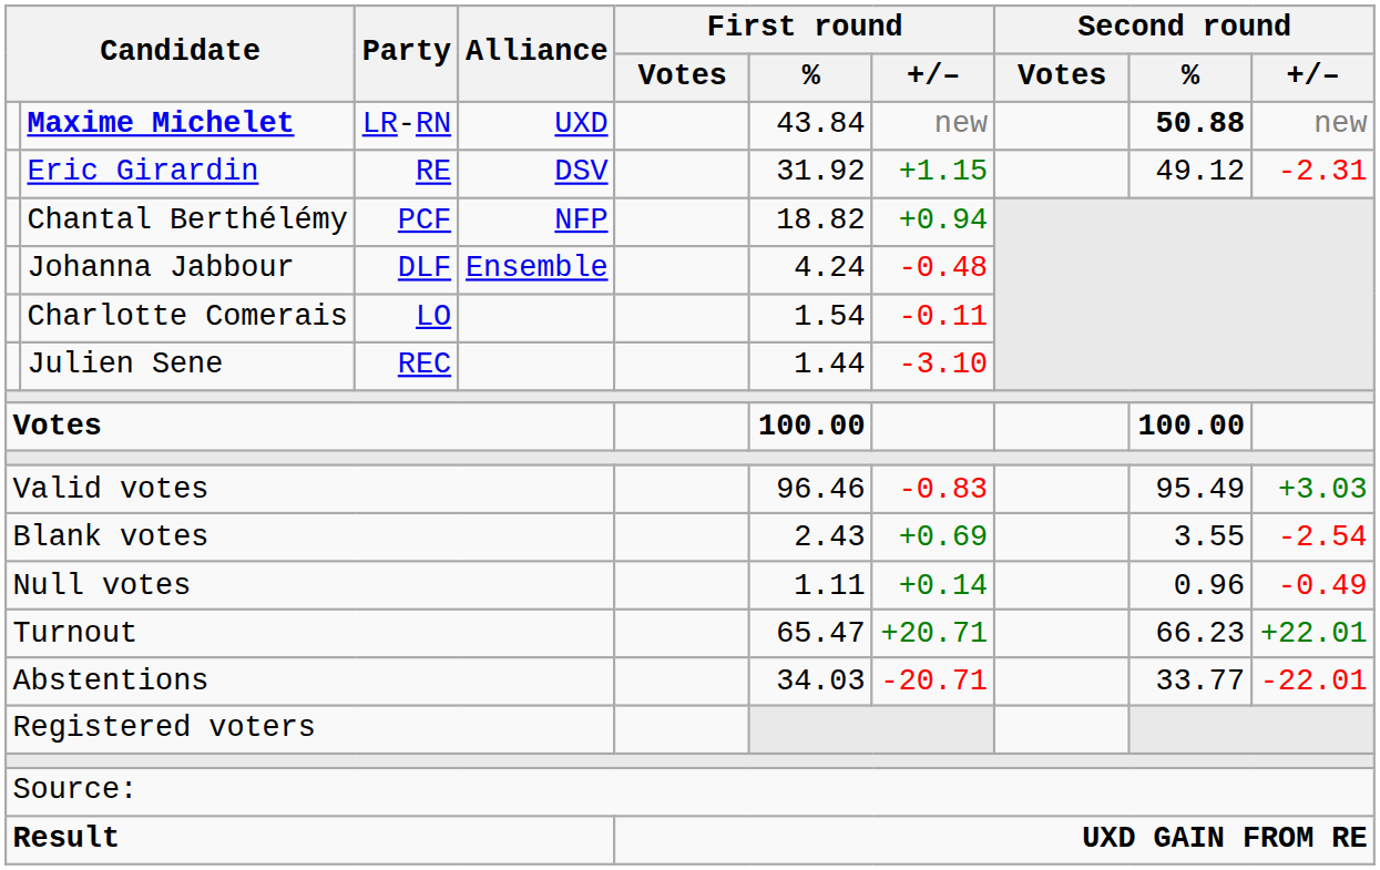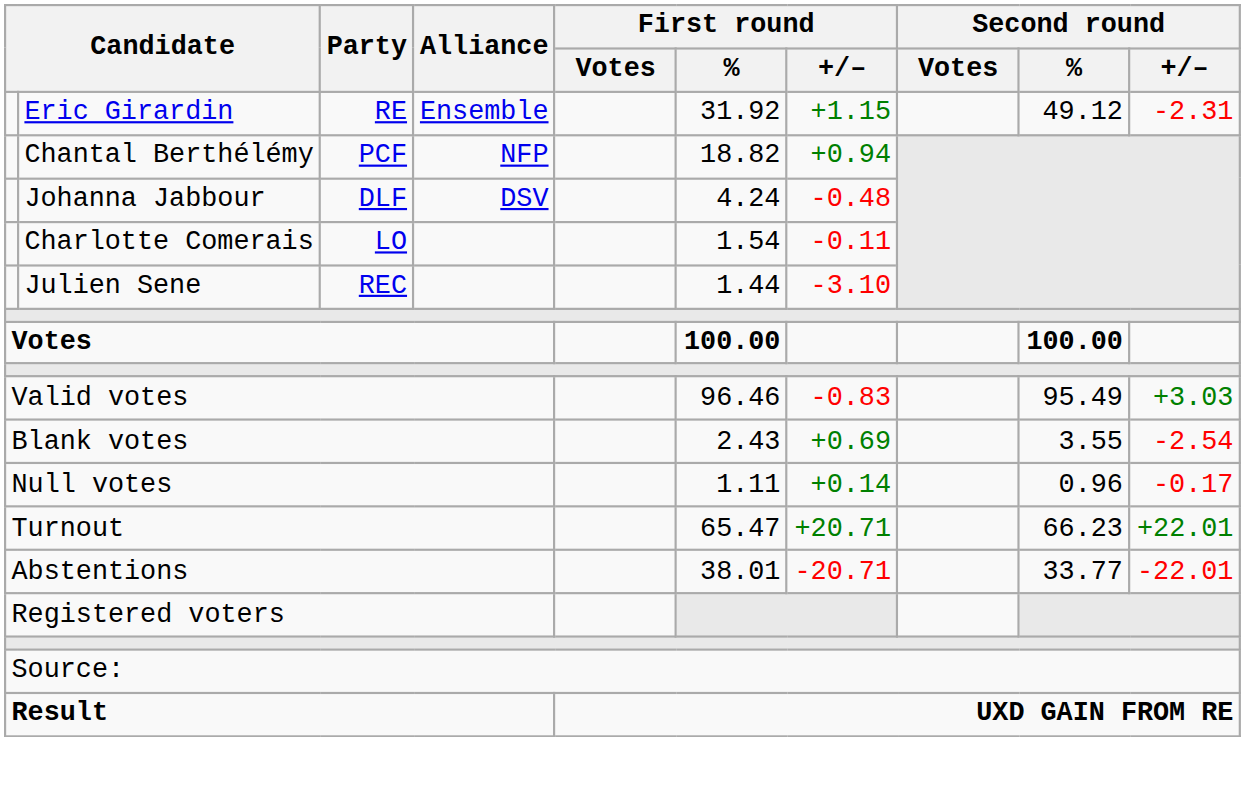 <table class="wikitable" style="text-align:right;font-size:95%;">
 <tr>
 <th rowspan="2" colspan="2">Candidate</th>
 <th colspan="1" rowspan="2">Party</th>
 <th colspan="1" rowspan="2">Alliance</th>
 <th colspan="3">First round</th>
 <th colspan="3">Second round</th>
 </tr>
 <tr>
 <th style="width:50px;">Votes</th>
 <th style="width:45px;">%</th>
 <th style="width:45px;">+/–</th>
 <th style="width:50px;">Votes</th>
 <th style="width:45px;">%</th>
 <th style="width:45px;">+/–</th>
 </tr>
 <tr>
 <td style="background:"></td>
-<td style="text-align:left;"><strong><a href='#'>Maxime Michelet</a></strong></td>
-<td><a href='#'>LR</a>-<a href='#'>RN</a></td>
-<td><a href='#'>UXD</a></td>
-<td></td>
-<td>43.84</td>
-<td style="color:grey;">new</td>
-<td><strong></strong></td>
-<td><strong>50.88</strong></td>
-<td style="color:grey;">new</td>
-</tr>
-<tr>
-<td style="background:"></td>
 <td style="text-align:left;"><a href='#'>Eric Girardin</a></td>
 <td><a href='#'>RE</a></td>
-<td><a href='#'>DSV</a></td>
+<td><a href='#'>Ensemble</a></td>
 <td></td>
 <td>31.92</td>
 <td style="color:green;">+1.15</td>
 <td></td>
 <td>49.12</td>
 <td style="color:red;">-2.31</td>
 </tr>
 <tr>
 <td style="background:"></td>
 <td style="text-align:left;">Chantal Berthélémy</td>
 <td><a href='#'>PCF</a></td>
 <td><a href='#'>NFP</a></td>
 <td></td>
 <td>18.82</td>
 <td style="color:green;">+0.94</td>
 <td colspan="3" rowspan="4" style="background:#E9E9E9;"></td>
 </tr>
 <tr>
 <td style="background:"></td>
 <td style="text-align:left;">Johanna Jabbour</td>
 <td><a href='#'>DLF</a></td>
-<td><a href='#'>Ensemble</a></td>
+<td><a href='#'>DSV</a></td>
 <td></td>
 <td>4.24</td>
 <td style="color:red;">-0.48</td>
 </tr>
 <tr>
 <td style="background:"></td>
 <td style="text-align:left;">Charlotte Comerais</td>
 <td><a href='#'>LO</a></td>
 <td></td>
 <td></td>
 <td>1.54</td>
 <td style="color:red;">-0.11</td>
 </tr>
 <tr>
 <td style="background:"></td>
 <td style="text-align:left;">Julien Sene</td>
 <td><a href='#'>REC</a></td>
 <td></td>
 <td></td>
 <td>1.44</td>
 <td style="color:red;">-3.10</td>
 </tr>
 <tr>
 <td colspan="10" style="background:#E9E9E9;"></td>
 </tr>
 <tr style="font-weight:bold;">
 <td colspan="4" style="text-align:left;">Votes</td>
 <td></td>
 <td>100.00</td>
 <td></td>
 <td></td>
 <td>100.00</td>
 <td></td>
 </tr>
 <tr>
 <td colspan="10" style="background:#E9E9E9;"></td>
 </tr>
 <tr>
 <td colspan="4" style="text-align:left;">Valid votes</td>
 <td></td>
 <td>96.46</td>
 <td style="color:red;">-0.83</td>
 <td></td>
 <td>95.49</td>
 <td style="color:green;">+3.03</td>
 </tr>
 <tr>
 <td colspan="4" style="text-align:left;">Blank votes</td>
 <td></td>
 <td>2.43</td>
 <td style="color:green;">+0.69</td>
 <td></td>
 <td>3.55</td>
 <td style="color:red;">-2.54</td>
 </tr>
 <tr>
 <td colspan="4" style="text-align:left;">Null votes</td>
 <td></td>
 <td>1.11</td>
 <td style="color:green;">+0.14</td>
 <td></td>
 <td>0.96</td>
-<td style="color:red;">-0.49</td>
+<td style="color:red;">-0.17</td>
 </tr>
 <tr>
 <td colspan="4" style="text-align:left;">Turnout</td>
 <td></td>
 <td>65.47</td>
 <td style="color:green;">+20.71</td>
 <td></td>
 <td>66.23</td>
 <td style="color:green;">+22.01</td>
 </tr>
 <tr>
 <td colspan="4" style="text-align:left;">Abstentions</td>
 <td></td>
-<td>34.03</td>
+<td>38.01</td>
 <td style="color:red;">-20.71</td>
 <td></td>
 <td>33.77</td>
 <td style="color:red;">-22.01</td>
 </tr>
 <tr>
 <td colspan="4" style="text-align:left;">Registered voters</td>
 <td></td>
 <td colspan="2" style="background:#E9E9E9;"></td>
 <td></td>
 <td colspan="2" style="background:#E9E9E9;"></td>
 </tr>
 <tr>
 <td colspan="10" style="background:#E9E9E9;"></td>
 </tr>
 <tr>
 <td colspan="10" style="text-align:left;">Source: </td>
 </tr>
 <tr style="font-weight:bold">
 <td colspan="4" style="text-align:left;">Result</td>
 <td colspan="6" style="background-color:">UXD GAIN FROM RE</td>
 </tr>
 </table>
